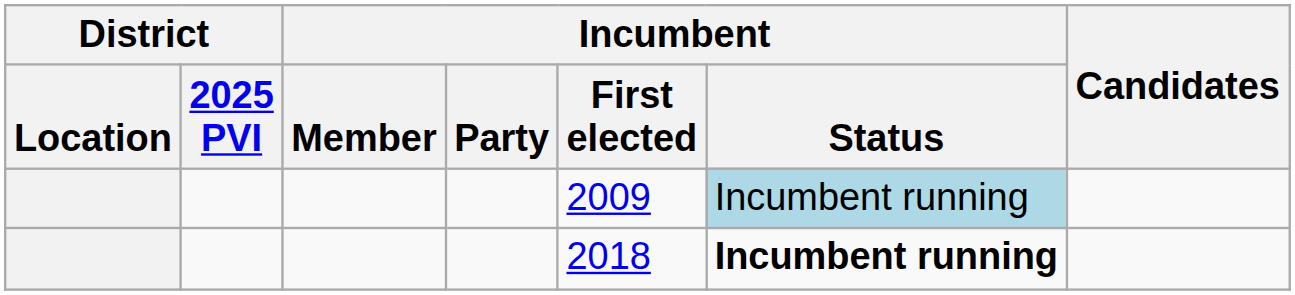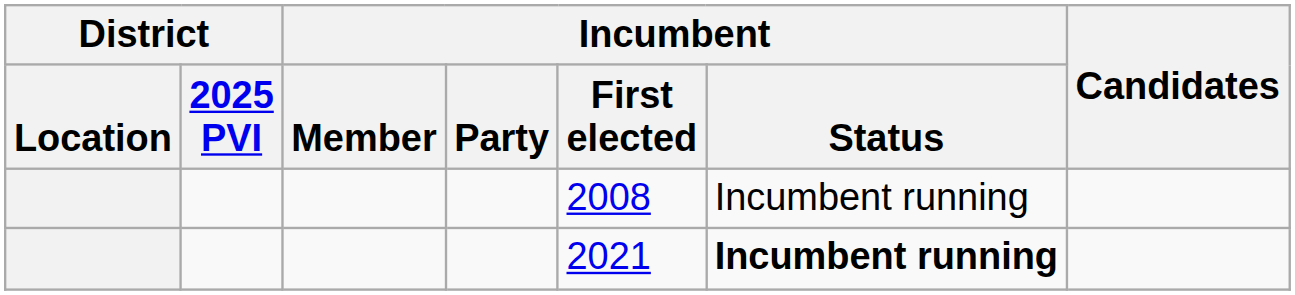 <table class="wikitable sortable">
 <tr>
 <th colspan=2>District</th>
 <th colspan=4>Incumbent</th>
 <th rowspan=2 class="unsortable">Candidates</th>
 </tr>
 <tr valign=bottom>
 <th>Location</th>
 <th><a href='#'>2025<br>PVI</a></th>
 <th>Member</th>
 <th>Party</th>
 <th>First<br>elected</th>
 <th>Status</th>
 </tr>
 <tr>
 <th></th>
 <td></td>
 <td></td>
 <td></td>
-<td><a href='#'>2009</a></td>
-<td style="background: lightblue;">Incumbent running</td>
+<td><a href='#'>2008</a></td>
+<td>Incumbent running</td>
 <td></td>
 </tr>
 <tr>
 <th></th>
 <td></td>
 <td></td>
 <td></td>
-<td><a href='#'>2018</a></td>
+<td><a href='#'>2021</a></td>
 <td><strong>Incumbent running</strong></td>
 <td></td>
 </tr>
 </table>
